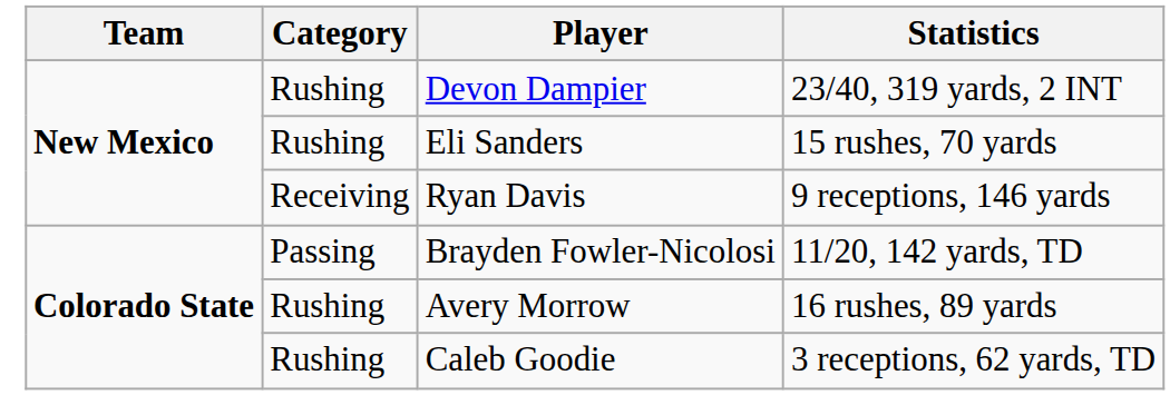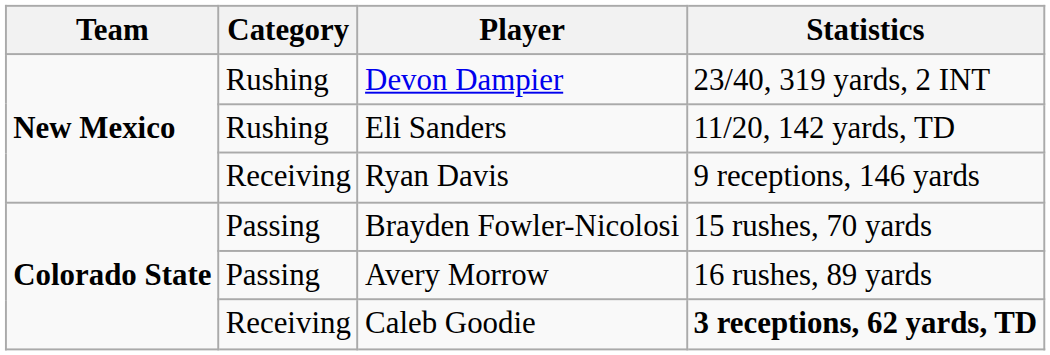 <table class="wikitable" style="float: right;">
 <tr>
 <th>Team</th>
 <th>Category</th>
 <th>Player</th>
 <th>Statistics</th>
 </tr>
 <tr>
 <td rowspan=3><strong>New Mexico</strong></td>
 <td>Rushing</td>
 <td><a href='#'>Devon Dampier</a></td>
 <td>23/40, 319 yards, 2 INT</td>
 </tr>
 <tr>
 <td>Rushing</td>
 <td>Eli Sanders</td>
-<td>15 rushes, 70 yards</td>
+<td>11/20, 142 yards, TD</td>
 </tr>
 <tr>
 <td>Receiving</td>
 <td>Ryan Davis</td>
 <td>9 receptions, 146 yards</td>
 </tr>
 <tr>
 <td rowspan=3><strong>Colorado State</strong></td>
 <td>Passing</td>
 <td>Brayden Fowler-Nicolosi</td>
-<td>11/20, 142 yards, TD</td>
+<td>15 rushes, 70 yards</td>
 </tr>
 <tr>
-<td>Rushing</td>
+<td>Passing</td>
 <td>Avery Morrow</td>
 <td>16 rushes, 89 yards</td>
 </tr>
 <tr>
-<td>Rushing</td>
+<td>Receiving</td>
 <td>Caleb Goodie</td>
-<td>3 receptions, 62 yards, TD</td>
+<td><strong>3 receptions, 62 yards, TD</strong></td>
 </tr>
 </table>
